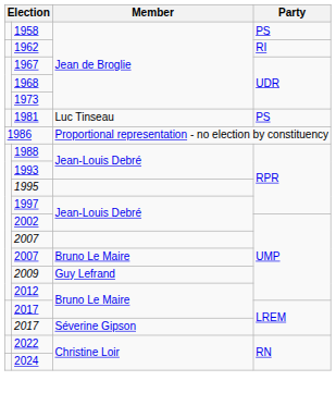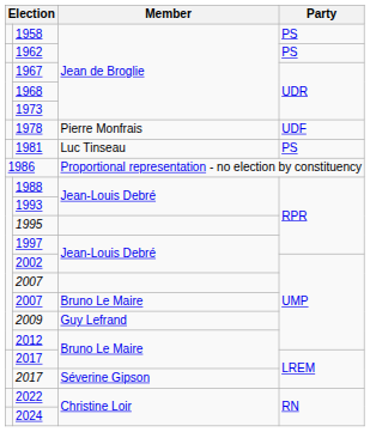 <table class="wikitable">
 <tr>
 <th colspan="2">Election</th>
 <th>Member</th>
 <th>Party</th>
 </tr>
 <tr>
 <td style="color:inherit;background:"></td>
 <td><a href='#'>1958</a></td>
 <td rowspan="5"><a href='#'>Jean de Broglie</a></td>
 <td><a href='#'>PS</a></td>
 </tr>
 <tr>
 <td style="color:inherit;background:"></td>
 <td><a href='#'>1962</a></td>
-<td><a href='#'>RI</a></td>
+<td><a href='#'>PS</a></td>
 </tr>
 <tr>
 <td rowspan="3" style="color:inherit;background:"></td>
 <td><a href='#'>1967</a></td>
 <td rowspan="3"><a href='#'>UDR</a></td>
 </tr>
 <tr>
 <td><a href='#'>1968</a></td>
 </tr>
 <tr>
 <td><a href='#'>1973</a></td>
+</tr>
+<tr>
+<td style="color:inherit;background:"></td>
+<td><a href='#'>1978</a></td>
+<td>Pierre Monfrais</td>
+<td><a href='#'>UDF</a></td>
 </tr>
 <tr>
 <td style="color:inherit;background:"></td>
 <td><a href='#'>1981</a></td>
 <td>Luc Tinseau</td>
 <td><a href='#'>PS</a></td>
 </tr>
 <tr>
 <td colspan="2"><a href='#'>1986</a></td>
 <td colspan="2"><a href='#'>Proportional representation</a> - no election by constituency</td>
 </tr>
 <tr>
 <td rowspan="9" style="color:inherit;background:"></td>
 <td><a href='#'>1988</a></td>
 <td rowspan="2"><a href='#'>Jean-Louis Debré</a></td>
 <td rowspan="4"><a href='#'>RPR</a></td>
 </tr>
 <tr>
 <td><a href='#'>1993</a></td>
 </tr>
 <tr>
 <td><em>1995</em></td>
 <td></td>
 </tr>
 <tr>
 <td><a href='#'>1997</a></td>
 <td rowspan=2><a href='#'>Jean-Louis Debré</a></td>
 </tr>
 <tr>
 <td><a href='#'>2002</a></td>
 <td rowspan="5"><a href='#'>UMP</a></td>
 </tr>
 <tr>
 <td><em>2007</em></td>
 <td></td>
 </tr>
 <tr>
 <td><a href='#'>2007</a></td>
 <td><a href='#'>Bruno Le Maire</a></td>
 </tr>
 <tr>
 <td><em>2009</em></td>
 <td><a href='#'>Guy Lefrand</a></td>
 </tr>
 <tr>
 <td><a href='#'>2012</a></td>
 <td rowspan=2><a href='#'>Bruno Le Maire</a></td>
 </tr>
 <tr>
 <td rowspan="2" style="color:inherit;background:"></td>
 <td><a href='#'>2017</a></td>
 <td rowspan="2"><a href='#'>LREM</a></td>
 </tr>
 <tr>
 <td><em>2017</em></td>
 <td><a href='#'>Séverine Gipson</a></td>
 </tr>
 <tr>
 <td style="color:inherit;background:"></td>
 <td><a href='#'>2022</a></td>
 <td rowspan="2"><a href='#'>Christine Loir</a></td>
 <td rowspan="2"><a href='#'>RN</a></td>
 </tr>
 <tr>
 <td style="color:inherit;background:"></td>
 <td><a href='#'>2024</a></td>
 </tr>
 </table>
